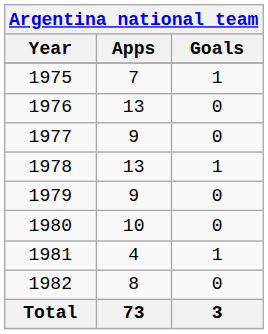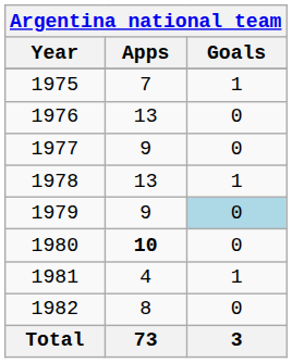 <table class="wikitable" style="text-align:center">
 <tr>
 <th colspan=3><a href='#'>Argentina national team</a></th>
 </tr>
 <tr>
 <th>Year</th>
 <th>Apps</th>
 <th>Goals</th>
 </tr>
 <tr>
 </tr>
 <tr>
 <td>1975</td>
 <td>7</td>
 <td>1</td>
 </tr>
 <tr>
 <td>1976</td>
 <td>13</td>
 <td>0</td>
 </tr>
 <tr>
 <td>1977</td>
 <td>9</td>
 <td>0</td>
 </tr>
 <tr>
 <td>1978</td>
 <td>13</td>
 <td>1</td>
 </tr>
 <tr>
 <td>1979</td>
 <td>9</td>
-<td>0</td>
+<td style="background: lightblue;">0</td>
 </tr>
 <tr>
 <td>1980</td>
-<td>10</td>
+<td><strong>10</strong></td>
 <td>0</td>
 </tr>
 <tr>
 <td>1981</td>
 <td>4</td>
 <td>1</td>
 </tr>
 <tr>
 <td>1982</td>
 <td>8</td>
 <td>0</td>
 </tr>
 <tr>
 <th>Total</th>
 <th>73</th>
 <th>3</th>
 </tr>
 </table>
